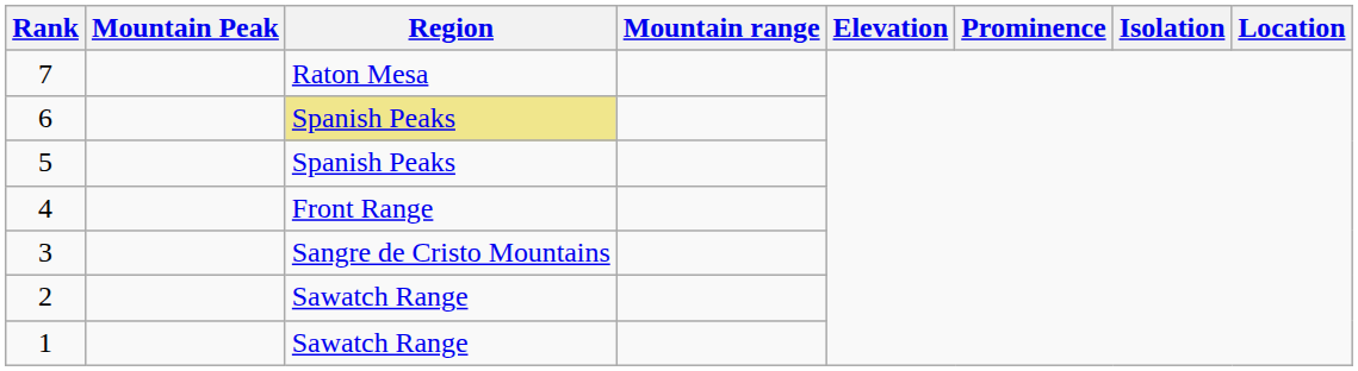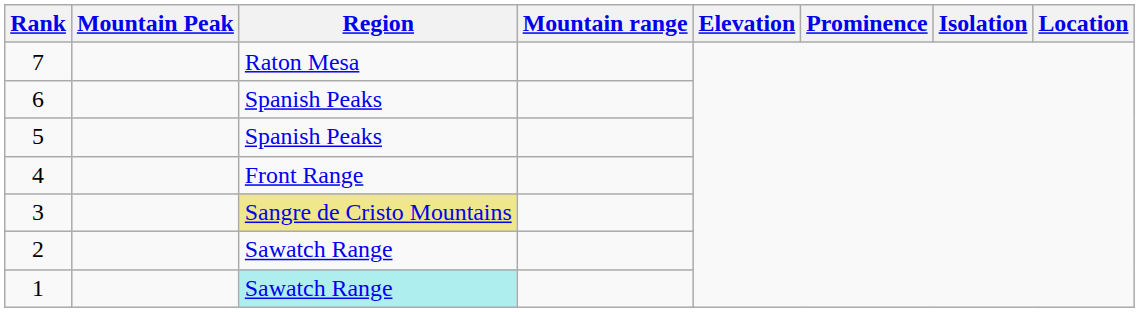 <table class="wikitable sortable">
 <tr>
 <th><a href='#'>Rank</a></th>
 <th><a href='#'>Mountain Peak</a></th>
 <th><a href='#'>Region</a></th>
 <th><a href='#'>Mountain range</a></th>
 <th><a href='#'>Elevation</a></th>
 <th><a href='#'>Prominence</a></th>
 <th><a href='#'>Isolation</a></th>
 <th><a href='#'>Location</a></th>
 </tr>
 <tr>
 <td align=center>7<br></td>
 <td></td>
 <td><a href='#'>Raton Mesa</a><br></td>
 <td></td>
 </tr>
 <tr>
 <td align=center>6<br></td>
 <td></td>
-<td style="background: khaki;"><a href='#'>Spanish Peaks</a><br></td>
+<td><a href='#'>Spanish Peaks</a><br></td>
 <td></td>
 </tr>
 <tr>
 <td align=center>5<br></td>
 <td></td>
 <td><a href='#'>Spanish Peaks</a><br></td>
 <td></td>
 </tr>
 <tr>
 <td align=center>4<br></td>
 <td></td>
 <td><a href='#'>Front Range</a><br></td>
 <td></td>
 </tr>
 <tr>
 <td align=center>3<br></td>
 <td></td>
-<td><a href='#'>Sangre de Cristo Mountains</a><br></td>
+<td style="background: khaki;"><a href='#'>Sangre de Cristo Mountains</a><br></td>
 <td></td>
 </tr>
 <tr>
 <td align=center>2<br></td>
 <td></td>
 <td><a href='#'>Sawatch Range</a><br></td>
 <td></td>
 </tr>
 <tr>
 <td align=center>1<br></td>
 <td></td>
-<td><a href='#'>Sawatch Range</a><br></td>
+<td style="background: paleturquoise;"><a href='#'>Sawatch Range</a><br></td>
 <td></td>
 </tr>
 </table>
